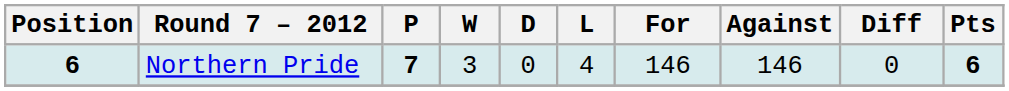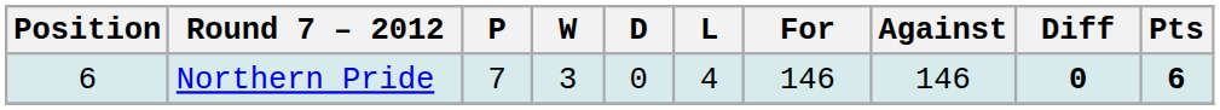 <table class="wikitable" style="text-align:center; font-size:85%;">
 <tr>
 <th width=40 abbr="Position">Position</th>
 <th width=100>Round 7 – 2012</th>
 <th width=20 abbr="Played">P</th>
 <th width=20 abbr="Won">W</th>
 <th width=20 abbr="Drawn">D</th>
 <th width=20 abbr="Lost">L</th>
 <th width=40 abbr="Points for">For</th>
 <th width=40 abbr="Points against">Against</th>
 <th width=40 abbr="Points difference">Diff</th>
 <th width=20 abbr="Points">Pts</th>
 </tr>
 <tr style="background: #d7ebed;">
-<td><strong>6</strong></td>
+<td>6</td>
 <td style="text-align:left;"> <a href='#'>Northern Pride</a></td>
-<td><strong>7</strong></td>
+<td>7</td>
 <td>3</td>
 <td>0</td>
 <td>4</td>
 <td>146</td>
 <td>146</td>
-<td>0</td>
+<td><strong>0</strong></td>
 <td><strong>6</strong></td>
 </tr>
 <tr>
 </tr>
 </table>
